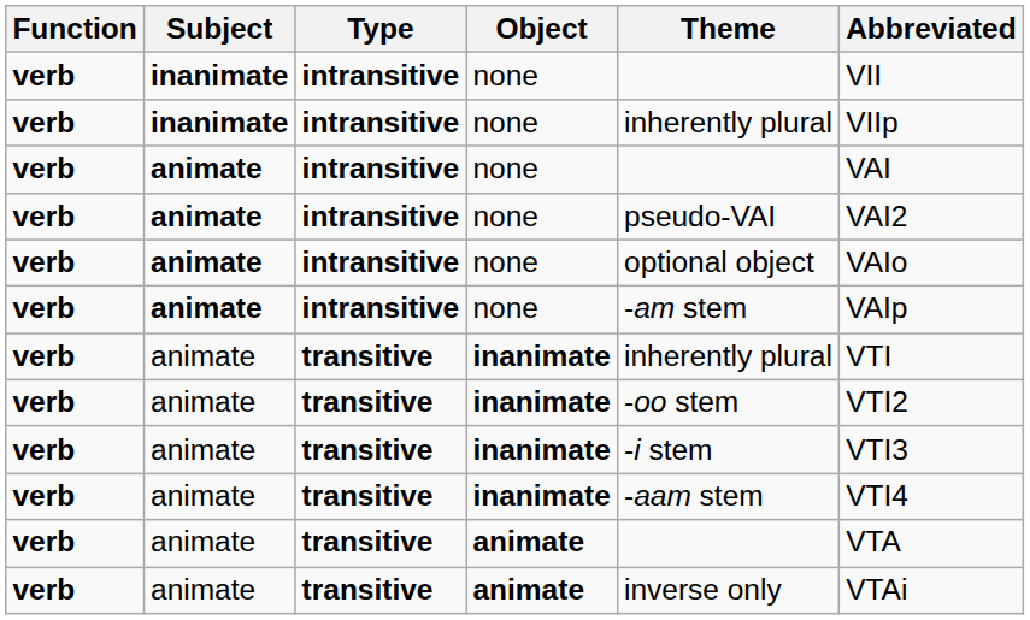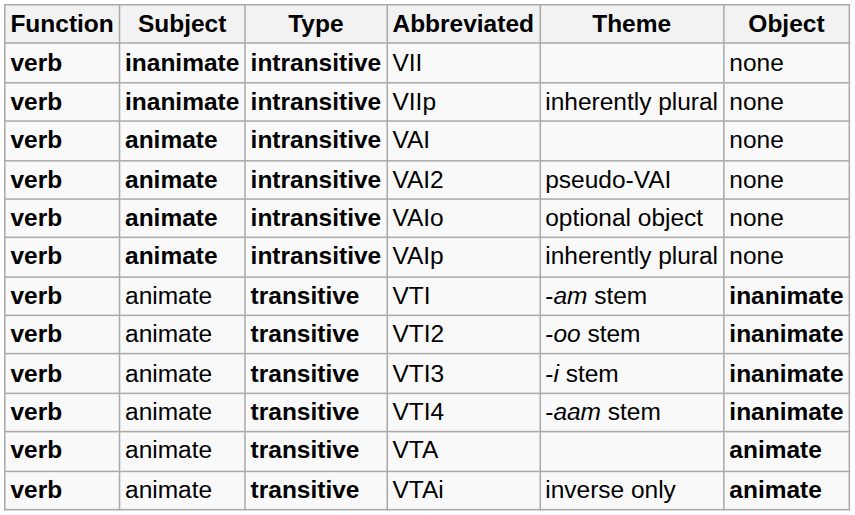 <table class="wikitable">
 <tr>
 <th>Function</th>
 <th>Subject</th>
 <th>Type</th>
+<th>Abbreviated</th>
+<th>Theme</th>
 <th>Object</th>
-<th>Theme</th>
-<th>Abbreviated</th>
 </tr>
 <tr>
 <td><strong>verb</strong></td>
 <td><strong>inanimate</strong></td>
 <td><strong>intransitive</strong></td>
+<td>VII</td>
+<td></td>
 <td>none</td>
-<td></td>
-<td>VII</td>
 </tr>
 <tr>
 <td><strong>verb</strong></td>
 <td><strong>inanimate</strong></td>
 <td><strong>intransitive</strong></td>
+<td>VIIp</td>
+<td>inherently plural</td>
 <td>none</td>
-<td>inherently plural</td>
-<td>VIIp</td>
 </tr>
 <tr>
 <td><strong>verb</strong></td>
 <td><strong>animate</strong></td>
 <td><strong>intransitive</strong></td>
+<td>VAI</td>
+<td></td>
 <td>none</td>
-<td></td>
-<td>VAI</td>
 </tr>
 <tr>
 <td><strong>verb</strong></td>
 <td><strong>animate</strong></td>
 <td><strong>intransitive</strong></td>
+<td>VAI2</td>
+<td>pseudo-VAI</td>
 <td>none</td>
-<td>pseudo-VAI</td>
-<td>VAI2</td>
 </tr>
 <tr>
 <td><strong>verb</strong></td>
 <td><strong>animate</strong></td>
 <td><strong>intransitive</strong></td>
+<td>VAIo</td>
+<td>optional object</td>
 <td>none</td>
-<td>optional object</td>
-<td>VAIo</td>
 </tr>
 <tr>
 <td><strong>verb</strong></td>
 <td><strong>animate</strong></td>
 <td><strong>intransitive</strong></td>
+<td>VAIp</td>
+<td>inherently plural</td>
 <td>none</td>
-<td>-<em>am</em> stem</td>
-<td>VAIp</td>
 </tr>
 <tr>
 <td><strong>verb</strong></td>
 <td>animate</td>
 <td><strong>transitive</strong></td>
+<td>VTI</td>
+<td>-<em>am</em> stem</td>
 <td><strong>inanimate</strong></td>
-<td>inherently plural</td>
-<td>VTI</td>
 </tr>
 <tr>
 <td><strong>verb</strong></td>
 <td>animate</td>
 <td><strong>transitive</strong></td>
+<td>VTI2</td>
+<td>-<em>oo</em> stem</td>
 <td><strong>inanimate</strong></td>
-<td>-<em>oo</em> stem</td>
-<td>VTI2</td>
 </tr>
 <tr>
 <td><strong>verb</strong></td>
 <td>animate</td>
 <td><strong>transitive</strong></td>
+<td>VTI3</td>
+<td>-<em>i</em> stem</td>
 <td><strong>inanimate</strong></td>
-<td>-<em>i</em> stem</td>
-<td>VTI3</td>
 </tr>
 <tr>
 <td><strong>verb</strong></td>
 <td>animate</td>
 <td><strong>transitive</strong></td>
+<td>VTI4</td>
+<td>-<em>aam</em> stem</td>
 <td><strong>inanimate</strong></td>
-<td>-<em>aam</em> stem</td>
-<td>VTI4</td>
 </tr>
 <tr>
 <td><strong>verb</strong></td>
 <td>animate</td>
 <td><strong>transitive</strong></td>
+<td>VTA</td>
+<td></td>
 <td><strong>animate</strong></td>
-<td></td>
-<td>VTA</td>
 </tr>
 <tr>
 <td><strong>verb</strong></td>
 <td>animate</td>
 <td><strong>transitive</strong></td>
+<td>VTAi</td>
+<td>inverse only</td>
 <td><strong>animate</strong></td>
-<td>inverse only</td>
-<td>VTAi</td>
 </tr>
 </table>
